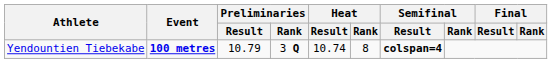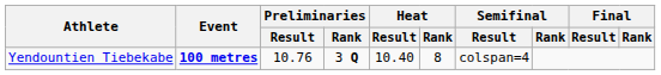 <table class="wikitable" style="font-size:90%">
 <tr>
 <th rowspan="2">Athlete</th>
 <th rowspan="2">Event</th>
 <th colspan="2">Preliminaries</th>
 <th colspan="2">Heat</th>
 <th colspan="2">Semifinal</th>
 <th colspan="2">Final</th>
 </tr>
 <tr style="font-size:95%">
 <th>Result</th>
 <th>Rank</th>
 <th>Result</th>
 <th>Rank</th>
 <th>Result</th>
 <th>Rank</th>
 <th>Result</th>
 <th>Rank</th>
 </tr>
 <tr style=text-align:center>
 <td style=text-align:left><a href='#'>Yendountien Tiebekabe</a></td>
 <td style=text-align:left><strong><a href='#'>100 metres</a></strong></td>
-<td>10.79</td>
+<td>10.76</td>
 <td>3 <strong>Q</strong></td>
-<td>10.74</td>
+<td>10.40</td>
 <td>8</td>
-<td><strong>colspan=4 </strong></td>
+<td>colspan=4 </td>
 </tr>
 </table>
